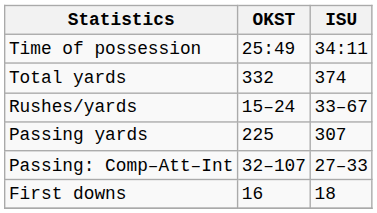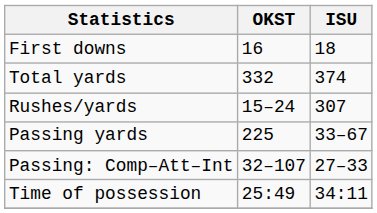 <table class="wikitable" style="float: left;">
 <tr>
 <th>Statistics</th>
 <th>OKST</th>
 <th>ISU</th>
 </tr>
 <tr>
-<td>Time of possession</td>
-<td>25:49</td>
-<td>34:11</td>
+<td>First downs</td>
+<td>16</td>
+<td>18</td>
 </tr>
 <tr>
 <td>Total yards</td>
 <td>332</td>
 <td>374</td>
 </tr>
 <tr>
 <td>Rushes/yards</td>
 <td>15–24</td>
-<td>33–67</td>
+<td>307</td>
 </tr>
 <tr>
 <td>Passing yards</td>
 <td>225</td>
-<td>307</td>
+<td>33–67</td>
 </tr>
 <tr>
 <td>Passing: Comp–Att–Int</td>
 <td>32–107</td>
 <td>27–33</td>
 </tr>
 <tr>
-<td>First downs</td>
-<td>16</td>
-<td>18</td>
+<td>Time of possession</td>
+<td>25:49</td>
+<td>34:11</td>
 </tr>
 <tr>
 </tr>
 </table>
